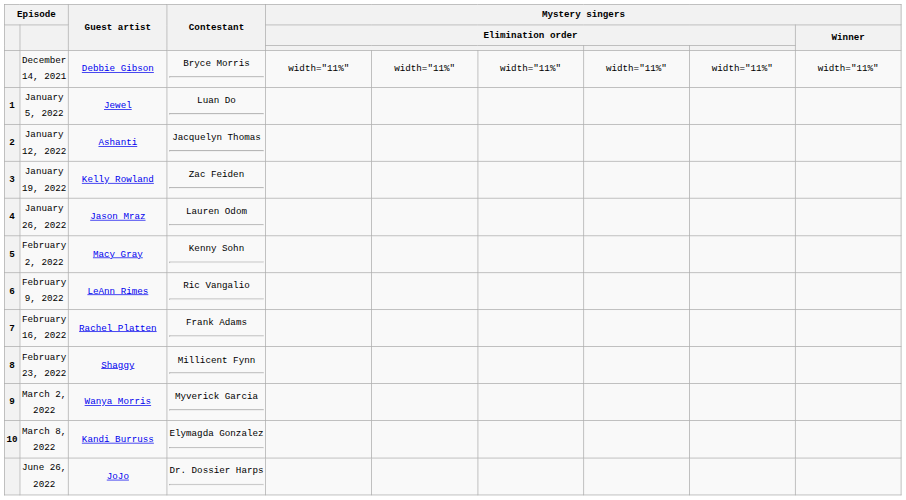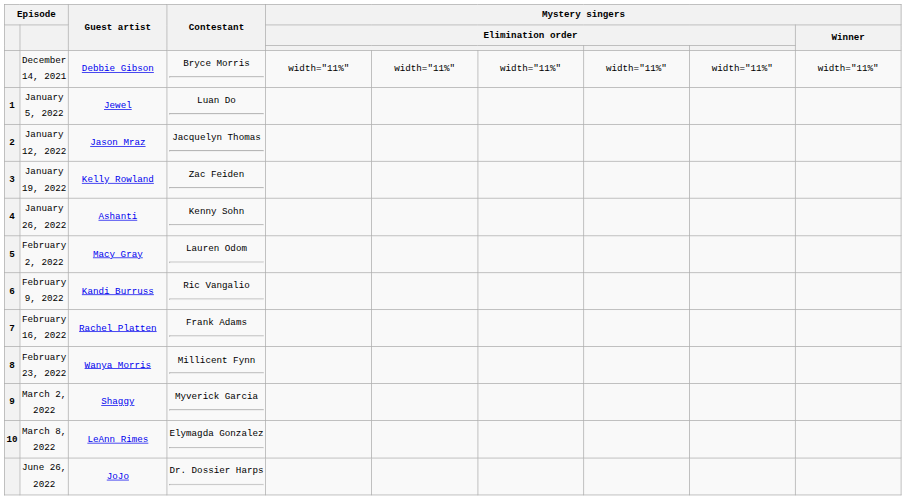 <table class="wikitable plainrowheaders mw-collapsible" style="text-align:center; line-height:23px; width:100%;">
 <tr>
 <th colspan="2" width="1%">Episode</th>
 <th rowspan="3" width="11%">Guest artist</th>
 <th rowspan="3" width="11%">Contestant</th>
 <th colspan="6">Mystery singers<br></th>
 </tr>
 <tr>
 <th rowspan="2"></th>
 <th rowspan="2"></th>
 <th colspan="5">Elimination order</th>
 <th rowspan="2">Winner</th>
 </tr>
 <tr>
 <th colspan="3"></th>
 <th></th>
 <th></th>
 </tr>
 <tr>
 <th></th>
 <td>December 14, 2021</td>
 <td><a href='#'>Debbie Gibson</a></td>
 <td>Bryce Morris<hr></td>
 <td>width="11%" </td>
 <td>width="11%" </td>
 <td>width="11%" </td>
 <td>width="11%" </td>
 <td>width="11%" </td>
 <td>width="11%" </td>
 </tr>
 <tr>
 <th>1</th>
 <td>January 5, 2022</td>
 <td><a href='#'>Jewel</a></td>
 <td>Luan Do<hr></td>
 <td></td>
 <td></td>
 <td></td>
 <td></td>
 <td></td>
 <td></td>
 </tr>
 <tr>
 <th>2</th>
 <td>January 12, 2022</td>
-<td><a href='#'>Ashanti</a></td>
+<td><a href='#'>Jason Mraz</a></td>
 <td>Jacquelyn Thomas<hr></td>
 <td></td>
 <td></td>
 <td></td>
 <td></td>
 <td></td>
 <td></td>
 </tr>
 <tr>
 <th>3</th>
 <td>January 19, 2022</td>
 <td><a href='#'>Kelly Rowland</a></td>
 <td>Zac Feiden<hr></td>
 <td></td>
 <td></td>
 <td></td>
 <td></td>
 <td></td>
 <td></td>
 </tr>
 <tr>
 <th>4</th>
 <td>January 26, 2022</td>
-<td><a href='#'>Jason Mraz</a></td>
-<td>Lauren Odom<hr></td>
+<td><a href='#'>Ashanti</a></td>
+<td>Kenny Sohn<hr></td>
 <td></td>
 <td></td>
 <td></td>
 <td></td>
 <td></td>
 <td></td>
 </tr>
 <tr>
 <th>5</th>
 <td>February 2, 2022</td>
 <td><a href='#'>Macy Gray</a></td>
-<td>Kenny Sohn<hr></td>
+<td>Lauren Odom<hr></td>
 <td></td>
 <td></td>
 <td></td>
 <td></td>
 <td></td>
 <td></td>
 </tr>
 <tr>
 <th>6</th>
 <td>February 9, 2022</td>
-<td><a href='#'>LeAnn Rimes</a></td>
+<td><a href='#'>Kandi Burruss</a></td>
 <td>Ric Vangalio<hr></td>
 <td></td>
 <td></td>
 <td></td>
 <td></td>
 <td></td>
 <td></td>
 </tr>
 <tr>
 <th>7</th>
 <td>February 16, 2022</td>
 <td><a href='#'>Rachel Platten</a></td>
 <td>Frank Adams<hr></td>
 <td></td>
 <td></td>
 <td></td>
 <td></td>
 <td></td>
 <td></td>
 </tr>
 <tr>
 <th>8</th>
 <td>February 23, 2022</td>
-<td><a href='#'>Shaggy</a></td>
+<td><a href='#'>Wanya Morris</a></td>
 <td>Millicent Fynn<hr></td>
 <td></td>
 <td></td>
 <td></td>
 <td></td>
 <td></td>
 <td></td>
 </tr>
 <tr>
 <th>9</th>
 <td>March 2, 2022</td>
-<td><a href='#'>Wanya Morris</a></td>
+<td><a href='#'>Shaggy</a></td>
 <td>Myverick Garcia<hr></td>
 <td></td>
 <td></td>
 <td></td>
 <td></td>
 <td></td>
 <td></td>
 </tr>
 <tr>
 <th>10</th>
 <td>March 8, 2022</td>
-<td><a href='#'>Kandi Burruss</a></td>
+<td><a href='#'>LeAnn Rimes</a></td>
 <td>Elymagda Gonzalez<hr></td>
 <td></td>
 <td></td>
 <td></td>
 <td></td>
 <td></td>
 <td></td>
 </tr>
 <tr>
 <th></th>
 <td>June 26, 2022</td>
 <td><a href='#'>JoJo</a></td>
 <td>Dr. Dossier Harps<hr></td>
 <td></td>
 <td></td>
 <td></td>
 <td></td>
 <td></td>
 <td></td>
 </tr>
 </table>
